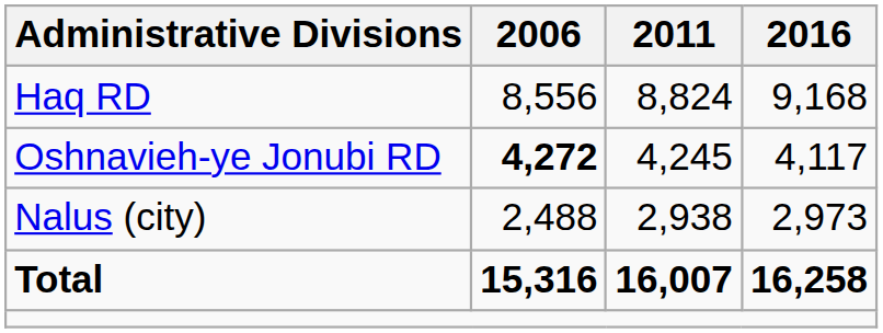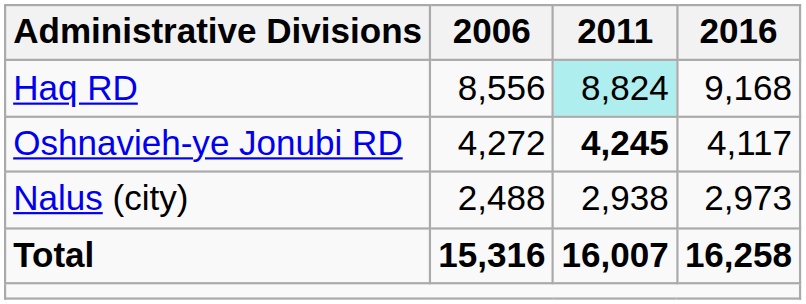 <table class="wikitable">
 <tr>
 <th>Administrative Divisions</th>
 <th>2006</th>
 <th>2011</th>
 <th>2016</th>
 </tr>
 <tr>
 <td><a href='#'>Haq RD</a></td>
 <td style="text-align: right;">8,556</td>
-<td style="text-align: right;">8,824</td>
+<td style="background: paleturquoise; text-align: right;">8,824</td>
 <td style="text-align: right;">9,168</td>
 </tr>
 <tr>
 <td><a href='#'>Oshnavieh-ye Jonubi RD</a></td>
-<td style="text-align: right;"><strong>4,272</strong></td>
-<td style="text-align: right;">4,245</td>
+<td style="text-align: right;">4,272</td>
+<td style="text-align: right;"><strong>4,245</strong></td>
 <td style="text-align: right;">4,117</td>
 </tr>
 <tr>
 <td><a href='#'>Nalus</a> (city)</td>
 <td style="text-align: right;">2,488</td>
 <td style="text-align: right;">2,938</td>
 <td style="text-align: right;">2,973</td>
 </tr>
 <tr>
 <td><strong>Total</strong></td>
 <td style="text-align: right;"><strong>15,316</strong></td>
 <td style="text-align: right;"><strong>16,007</strong></td>
 <td style="text-align: right;"><strong>16,258</strong></td>
 </tr>
 <tr>
 <td colspan=4></td>
 </tr>
 </table>
